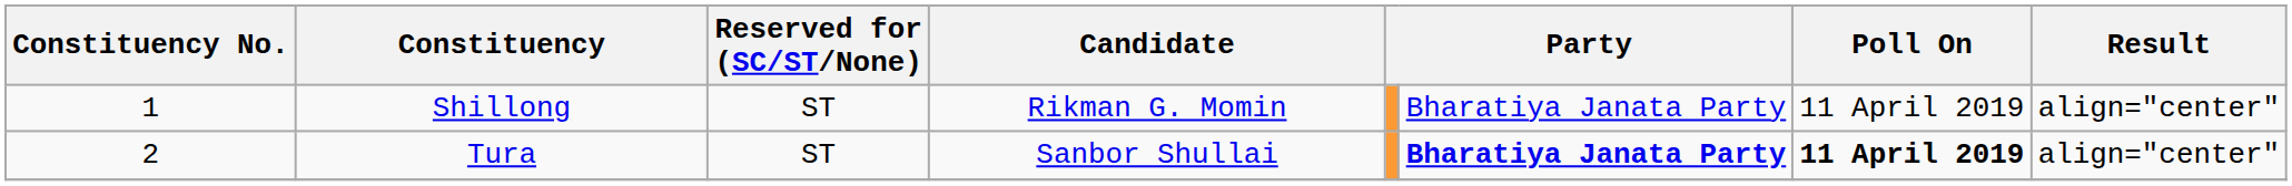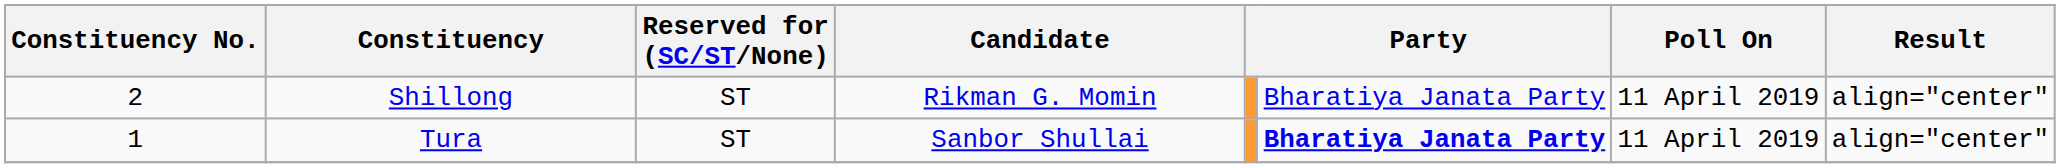 <table class="wikitable sortable" style="text-align:center;">
 <tr>
 <th>Constituency No.</th>
 <th style="width:180px;">Constituency</th>
 <th>Reserved for<br>(<a href='#'>SC/ST</a>/None)</th>
 <th style="width:200px;">Candidate</th>
 <th colspan="2">Party</th>
 <th>Poll On</th>
 <th>Result</th>
 </tr>
 <tr>
-<td align="center">1</td>
+<td align="center">2</td>
 <td><a href='#'>Shillong</a></td>
 <td align="center">ST</td>
 <td><a href='#'>Rikman G. Momin</a></td>
 <td bgcolor=#FF9933></td>
 <td><a href='#'>Bharatiya Janata Party</a></td>
 <td align="center">11 April 2019</td>
 <td>align="center" </td>
 </tr>
 <tr>
-<td align="center">2</td>
+<td align="center">1</td>
 <td><a href='#'>Tura</a></td>
 <td align="center">ST</td>
 <td><a href='#'>Sanbor Shullai</a></td>
 <td bgcolor=#FF9933></td>
 <td><strong><a href='#'>Bharatiya Janata Party</a></strong></td>
-<td align="center"><strong>11 April 2019</strong></td>
+<td align="center">11 April 2019</td>
 <td>align="center" </td>
 </tr>
 <tr>
 </tr>
 </table>
